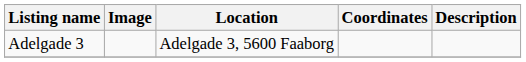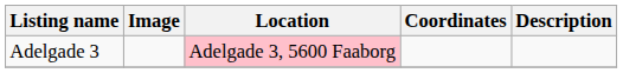 <table class="wikitable sortable">
 <tr>
 <th>Listing name</th>
 <th>Image</th>
 <th>Location</th>
 <th>Coordinates</th>
 <th>Description</th>
 </tr>
 <tr>
 <td>Adelgade 3</td>
 <td></td>
-<td>Adelgade 3, 5600 Faaborg</td>
+<td style="background: pink;">Adelgade 3, 5600 Faaborg</td>
 <td></td>
 <td></td>
 </tr>
 <tr>
 </tr>
 </table>
